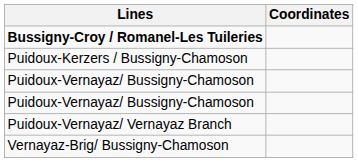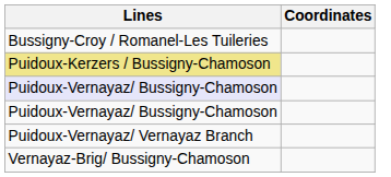 <table class="wikitable sortable">
 <tr>
 <th>Lines</th>
 <th>Coordinates</th>
 </tr>
 <tr>
-<td><strong>Bussigny-Croy / Romanel-Les Tuileries</strong></td>
+<td>Bussigny-Croy / Romanel-Les Tuileries</td>
 <td></td>
 </tr>
 <tr>
-<td>Puidoux-Kerzers / Bussigny-Chamoson</td>
+<td style="background: khaki;">Puidoux-Kerzers / Bussigny-Chamoson</td>
 <td></td>
 </tr>
 <tr>
-<td>Puidoux-Vernayaz/ Bussigny-Chamoson</td>
+<td style="background: lavender;">Puidoux-Vernayaz/ Bussigny-Chamoson</td>
 <td></td>
 </tr>
 <tr>
 <td>Puidoux-Vernayaz/ Bussigny-Chamoson</td>
 <td></td>
 </tr>
 <tr>
 <td>Puidoux-Vernayaz/ Vernayaz Branch</td>
 <td></td>
 </tr>
 <tr>
 <td>Vernayaz-Brig/ Bussigny-Chamoson</td>
 <td></td>
 </tr>
 </table>
